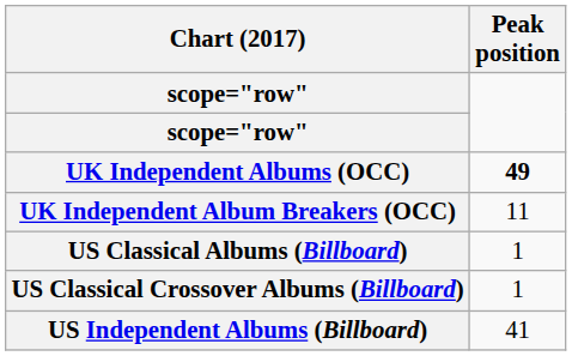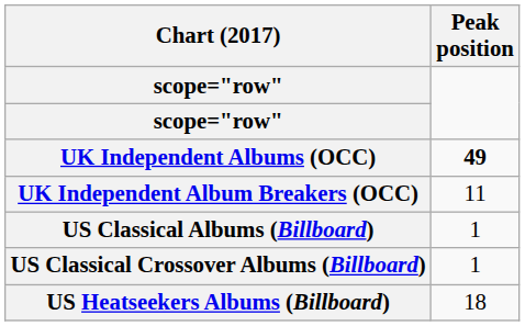 <table class="wikitable sortable plainrowheaders" style="text-align:center">
 <tr>
 <th scope="col">Chart (2017)</th>
 <th scope="col">Peak<br> position</th>
 </tr>
 <tr>
 <th>scope="row" </th>
 </tr>
 <tr>
 <th>scope="row" </th>
 </tr>
 <tr>
 <th scope="row"><a href='#'>UK Independent Albums</a> (OCC)</th>
 <td><strong>49</strong></td>
 </tr>
 <tr>
 <th scope="row"><a href='#'>UK Independent Album Breakers</a> (OCC)</th>
 <td>11</td>
 </tr>
 <tr>
 <th scope="row">US Classical Albums (<em><a href='#'>Billboard</a></em>)</th>
 <td>1</td>
 </tr>
 <tr>
 <th scope="row">US Classical Crossover Albums (<em><a href='#'>Billboard</a></em>)</th>
 <td>1</td>
 </tr>
 <tr>
-<th scope="row">US <a href='#'>Independent Albums</a> (<em>Billboard</em>)</th>
-<td>41</td>
+<th scope="row">US <a href='#'>Heatseekers Albums</a> (<em>Billboard</em>)</th>
+<td>18</td>
 </tr>
 </table>
